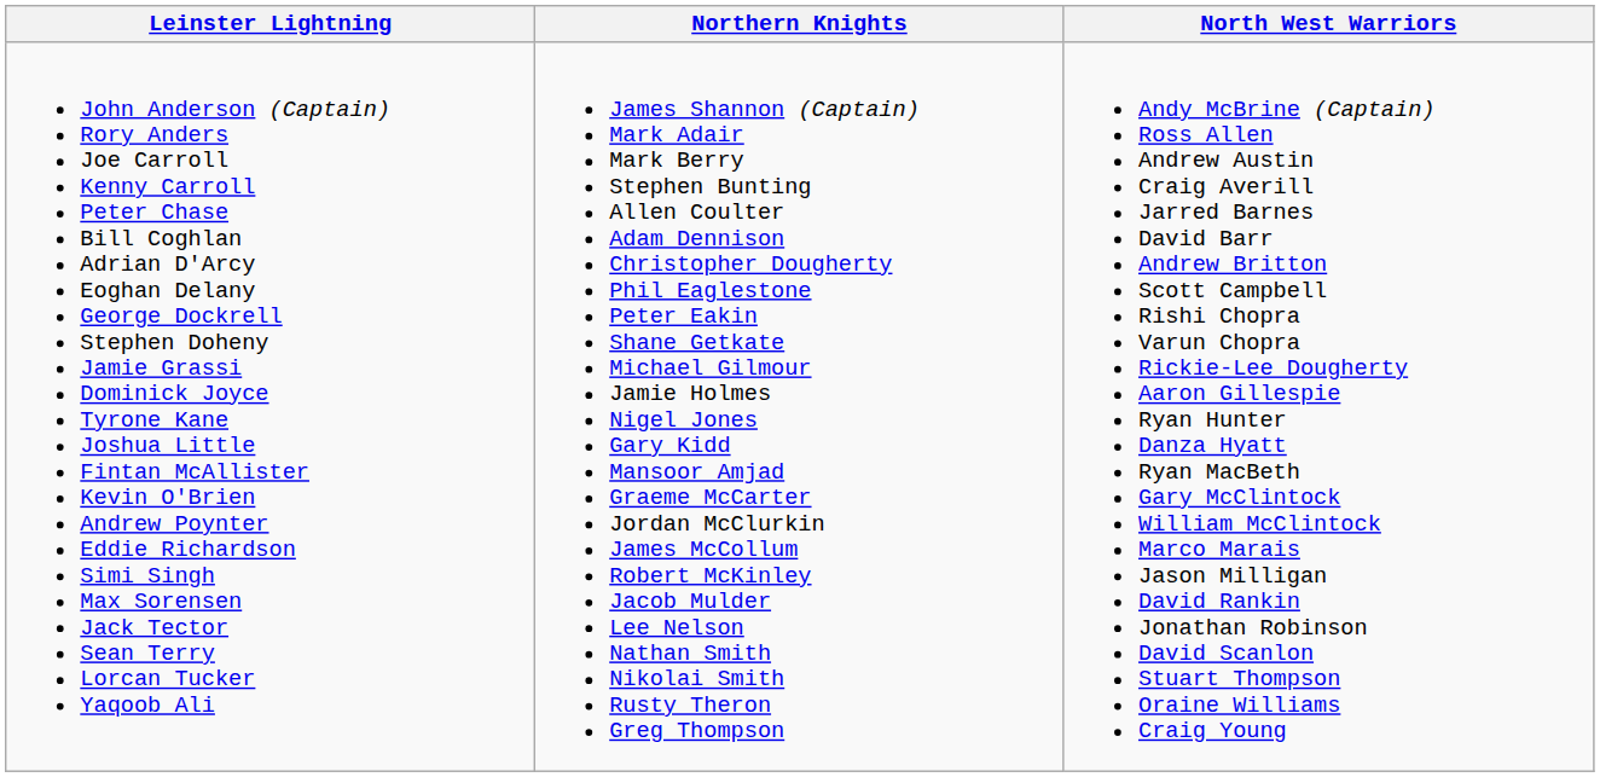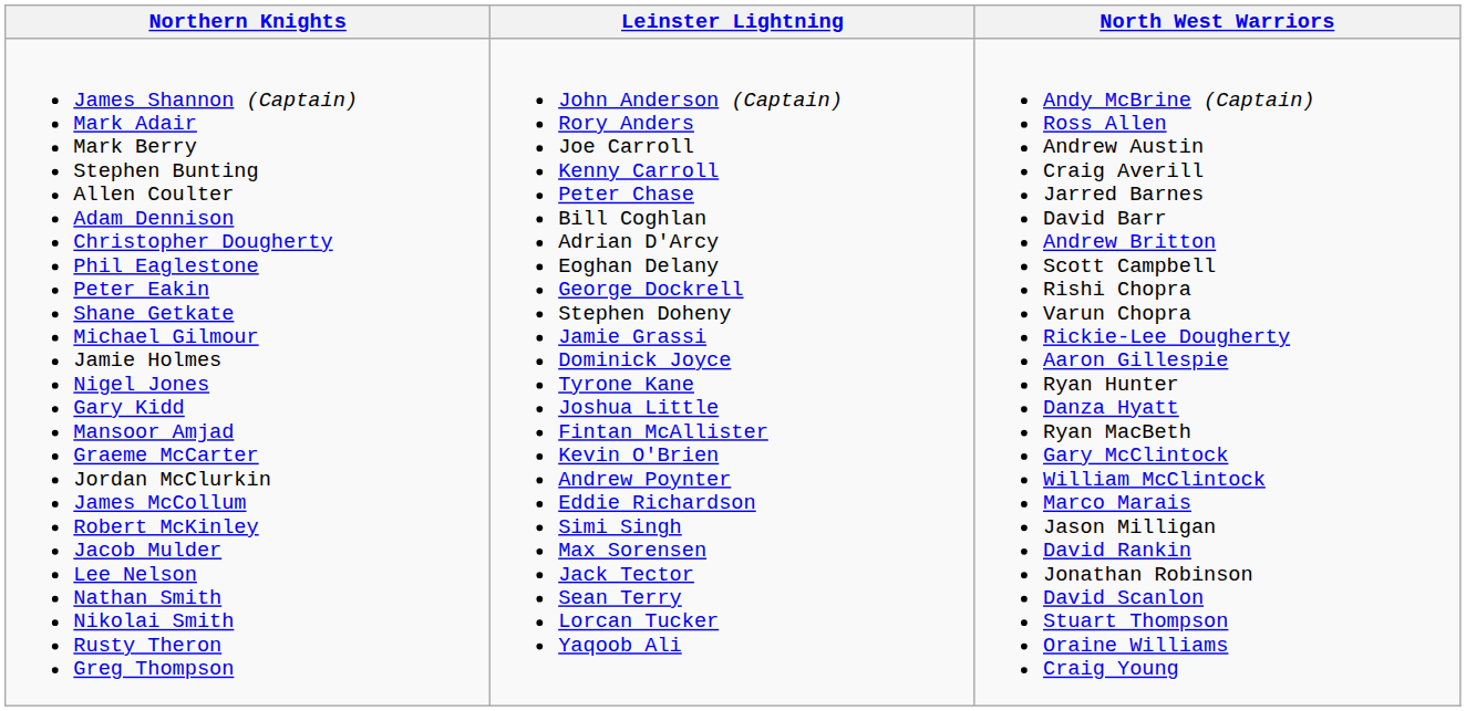 <table class="wikitable">
 <tr>
+<th width=300><a href='#'>Northern Knights</a></th>
 <th width=300><a href='#'>Leinster Lightning</a></th>
-<th width=300><a href='#'>Northern Knights</a></th>
 <th width=300><a href='#'>North West Warriors</a></th>
 </tr>
 <tr>
+<td valign=top><br><ul><li><a href='#'>James Shannon</a> <em>(Captain)</em></li><li><a href='#'>Mark Adair</a></li><li>Mark Berry</li><li>Stephen Bunting</li><li>Allen Coulter</li><li><a href='#'>Adam Dennison</a></li><li><a href='#'>Christopher Dougherty</a></li><li><a href='#'>Phil Eaglestone</a></li><li><a href='#'>Peter Eakin</a></li><li><a href='#'>Shane Getkate</a></li><li><a href='#'>Michael Gilmour</a></li><li>Jamie Holmes</li><li><a href='#'>Nigel Jones</a></li><li><a href='#'>Gary Kidd</a></li><li><a href='#'>Mansoor Amjad</a></li><li><a href='#'>Graeme McCarter</a></li><li>Jordan McClurkin</li><li><a href='#'>James McCollum</a></li><li><a href='#'>Robert McKinley</a></li><li><a href='#'>Jacob Mulder</a></li><li><a href='#'>Lee Nelson</a></li><li><a href='#'>Nathan Smith</a></li><li><a href='#'>Nikolai Smith</a></li><li><a href='#'>Rusty Theron</a></li><li><a href='#'>Greg Thompson</a></li></ul></td>
 <td valign=top><br><ul><li><a href='#'>John Anderson</a> <em>(Captain)</em></li><li><a href='#'>Rory Anders</a></li><li>Joe Carroll</li><li><a href='#'>Kenny Carroll</a></li><li><a href='#'>Peter Chase</a></li><li>Bill Coghlan</li><li>Adrian D'Arcy</li><li>Eoghan Delany</li><li><a href='#'>George Dockrell</a></li><li>Stephen Doheny</li><li><a href='#'>Jamie Grassi</a></li><li><a href='#'>Dominick Joyce</a></li><li><a href='#'>Tyrone Kane</a></li><li><a href='#'>Joshua Little</a></li><li><a href='#'>Fintan McAllister</a></li><li><a href='#'>Kevin O'Brien</a></li><li><a href='#'>Andrew Poynter</a></li><li><a href='#'>Eddie Richardson</a></li><li><a href='#'>Simi Singh</a></li><li><a href='#'>Max Sorensen</a></li><li><a href='#'>Jack Tector</a></li><li><a href='#'>Sean Terry</a></li><li><a href='#'>Lorcan Tucker</a></li><li><a href='#'>Yaqoob Ali</a></li></ul></td>
-<td valign=top><br><ul><li><a href='#'>James Shannon</a> <em>(Captain)</em></li><li><a href='#'>Mark Adair</a></li><li>Mark Berry</li><li>Stephen Bunting</li><li>Allen Coulter</li><li><a href='#'>Adam Dennison</a></li><li><a href='#'>Christopher Dougherty</a></li><li><a href='#'>Phil Eaglestone</a></li><li><a href='#'>Peter Eakin</a></li><li><a href='#'>Shane Getkate</a></li><li><a href='#'>Michael Gilmour</a></li><li>Jamie Holmes</li><li><a href='#'>Nigel Jones</a></li><li><a href='#'>Gary Kidd</a></li><li><a href='#'>Mansoor Amjad</a></li><li><a href='#'>Graeme McCarter</a></li><li>Jordan McClurkin</li><li><a href='#'>James McCollum</a></li><li><a href='#'>Robert McKinley</a></li><li><a href='#'>Jacob Mulder</a></li><li><a href='#'>Lee Nelson</a></li><li><a href='#'>Nathan Smith</a></li><li><a href='#'>Nikolai Smith</a></li><li><a href='#'>Rusty Theron</a></li><li><a href='#'>Greg Thompson</a></li></ul></td>
 <td valign=top><br><ul><li><a href='#'>Andy McBrine</a> <em>(Captain)</em></li><li><a href='#'>Ross Allen</a></li><li>Andrew Austin</li><li>Craig Averill</li><li>Jarred Barnes</li><li>David Barr</li><li><a href='#'>Andrew Britton</a></li><li>Scott Campbell</li><li>Rishi Chopra</li><li>Varun Chopra</li><li><a href='#'>Rickie-Lee Dougherty</a></li><li><a href='#'>Aaron Gillespie</a></li><li>Ryan Hunter</li><li><a href='#'>Danza Hyatt</a></li><li>Ryan MacBeth</li><li><a href='#'>Gary McClintock</a></li><li><a href='#'>William McClintock</a></li><li><a href='#'>Marco Marais</a></li><li>Jason Milligan</li><li><a href='#'>David Rankin</a></li><li>Jonathan Robinson</li><li><a href='#'>David Scanlon</a></li><li><a href='#'>Stuart Thompson</a></li><li><a href='#'>Oraine Williams</a></li><li><a href='#'>Craig Young</a></li></ul></td>
 </tr>
 </table>
